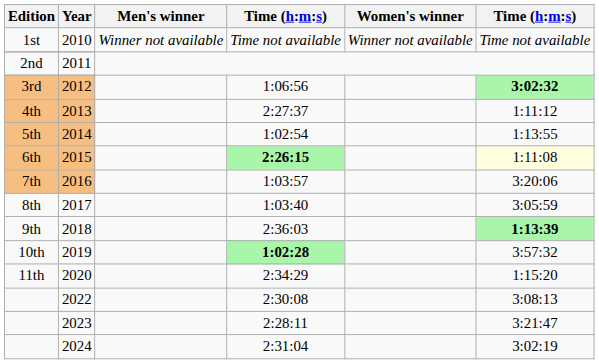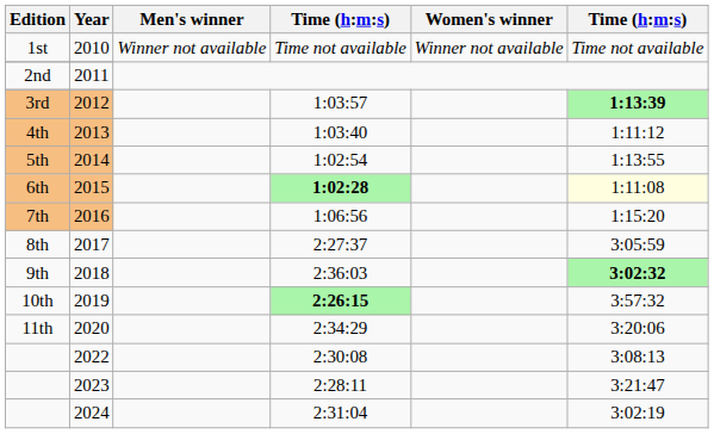 <table class="wikitable sortable" style="text-align:center">
 <tr>
 <th class=unsortable>Edition</th>
 <th>Year</th>
 <th class=unsortable>Men's winner</th>
 <th>Time (<a href='#'>h</a>:<a href='#'>m</a>:<a href='#'>s</a>)</th>
 <th class=unsortable>Women's winner</th>
 <th>Time (<a href='#'>h</a>:<a href='#'>m</a>:<a href='#'>s</a>)</th>
 </tr>
 <tr>
 <td>1st</td>
 <td>2010</td>
 <td rowspan=2><em>Winner not available</em></td>
 <td rowspan=2><em>Time not available</em></td>
 <td rowspan=2><em>Winner not available</em></td>
 <td rowspan=2><em>Time not available</em></td>
 </tr>
 <tr>
 </tr>
 <tr>
 <td>2nd</td>
 <td>2011</td>
 </tr>
 <tr>
 </tr>
 <tr>
 <td bgcolor=#F7BE81>3rd</td>
 <td bgcolor=#F7BE81>2012</td>
 <td align=left></td>
-<td>1:06:56</td>
+<td>1:03:57</td>
 <td align=left></td>
-<td style="background:#a9f5a9;"><strong>3:02:32</strong></td>
+<td style="background:#a9f5a9;"><strong>1:13:39</strong></td>
 </tr>
 <tr>
 <td bgcolor=#F7BE81>4th</td>
 <td bgcolor=#F7BE81>2013</td>
 <td style="text-align:left;"></td>
-<td>2:27:37</td>
+<td>1:03:40</td>
 <td align=left></td>
 <td>1:11:12</td>
 </tr>
 <tr>
 <td bgcolor=#F7BE81>5th</td>
 <td bgcolor=#F7BE81>2014</td>
 <td align=left></td>
 <td>1:02:54</td>
 <td align=left></td>
 <td>1:13:55</td>
 </tr>
 <tr>
 <td bgcolor=#F7BE81>6th</td>
 <td bgcolor=#F7BE81>2015</td>
 <td align=left></td>
-<td style="background:#a9f5a9;"><strong>2:26:15</strong></td>
+<td style="background:#a9f5a9;"><strong>1:02:28</strong></td>
 <td align=left></td>
 <td style="background: lightyellow;">1:11:08</td>
 </tr>
 <tr>
 <td bgcolor=#F7BE81>7th</td>
 <td bgcolor=#F7BE81>2016</td>
 <td align=left></td>
-<td>1:03:57</td>
+<td>1:06:56</td>
 <td align=left></td>
-<td>3:20:06</td>
+<td>1:15:20</td>
 </tr>
 <tr>
 <td>8th</td>
 <td>2017</td>
 <td align=left></td>
-<td>1:03:40</td>
+<td>2:27:37</td>
 <td align=left></td>
 <td>3:05:59</td>
 </tr>
 <tr>
 <td>9th</td>
 <td>2018</td>
 <td align=left></td>
 <td>2:36:03</td>
 <td align=left></td>
-<td style="background:#a9f5a9;"><strong>1:13:39</strong></td>
+<td style="background:#a9f5a9;"><strong>3:02:32</strong></td>
 </tr>
 <tr>
 <td>10th</td>
 <td>2019</td>
 <td align=left></td>
-<td style="background:#a9f5a9;"><strong>1:02:28</strong></td>
+<td style="background:#a9f5a9;"><strong>2:26:15</strong></td>
 <td align=left></td>
 <td>3:57:32</td>
 </tr>
 <tr>
 <td>11th</td>
 <td>2020</td>
 <td align=left></td>
 <td>2:34:29</td>
 <td align=left></td>
-<td>1:15:20</td>
+<td>3:20:06</td>
 </tr>
 <tr>
 <td></td>
 <td>2022</td>
 <td align=left></td>
 <td>2:30:08</td>
 <td align=left></td>
 <td>3:08:13</td>
 </tr>
 <tr>
 <td></td>
 <td>2023</td>
 <td align=left></td>
 <td>2:28:11</td>
 <td align=left></td>
 <td>3:21:47</td>
 </tr>
 <tr>
 <td></td>
 <td>2024</td>
 <td align=left></td>
 <td>2:31:04</td>
 <td align=left></td>
 <td>3:02:19</td>
 </tr>
 </table>
